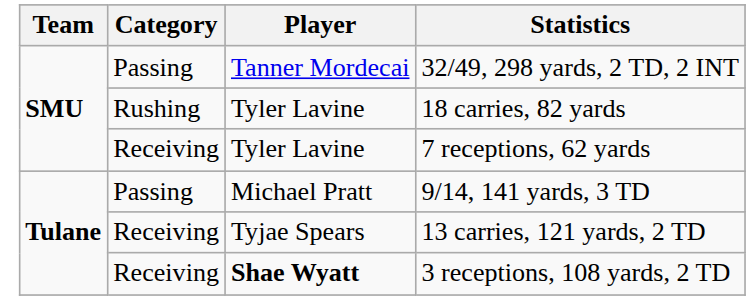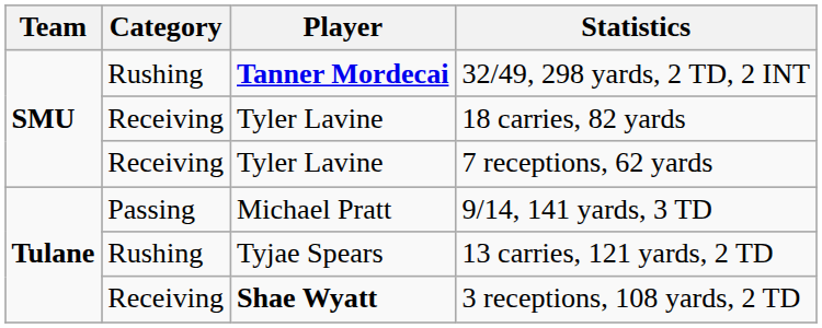 <table class="wikitable" style="float: right;">
 <tr>
 <th>Team</th>
 <th>Category</th>
 <th>Player</th>
 <th>Statistics</th>
 </tr>
 <tr>
 <td rowspan=3><strong>SMU</strong></td>
-<td>Passing</td>
-<td><a href='#'>Tanner Mordecai</a></td>
+<td>Rushing</td>
+<td><strong><a href='#'>Tanner Mordecai</a></strong></td>
 <td>32/49, 298 yards, 2 TD, 2 INT</td>
 </tr>
 <tr>
-<td>Rushing</td>
+<td>Receiving</td>
 <td>Tyler Lavine</td>
 <td>18 carries, 82 yards</td>
 </tr>
 <tr>
 <td>Receiving</td>
 <td>Tyler Lavine</td>
 <td>7 receptions, 62 yards</td>
 </tr>
 <tr>
 <td rowspan=3><strong>Tulane</strong></td>
 <td>Passing</td>
 <td>Michael Pratt</td>
 <td>9/14, 141 yards, 3 TD</td>
 </tr>
 <tr>
-<td>Receiving</td>
+<td>Rushing</td>
 <td>Tyjae Spears</td>
 <td>13 carries, 121 yards, 2 TD</td>
 </tr>
 <tr>
 <td>Receiving</td>
 <td><strong>Shae Wyatt</strong></td>
 <td>3 receptions, 108 yards, 2 TD</td>
 </tr>
 </table>
